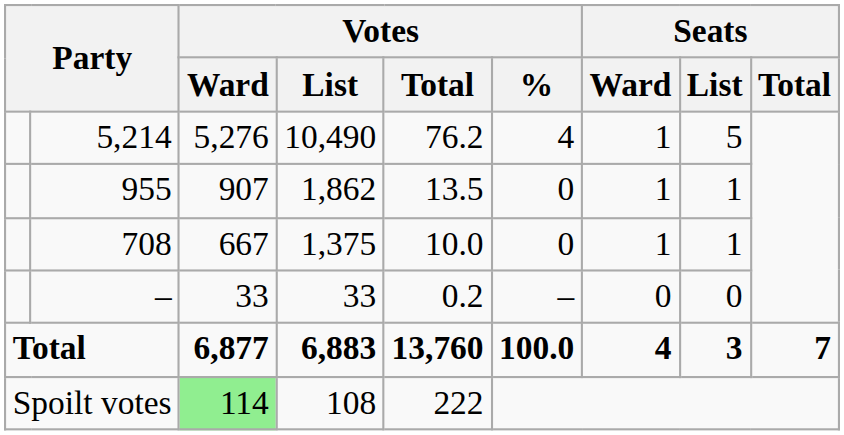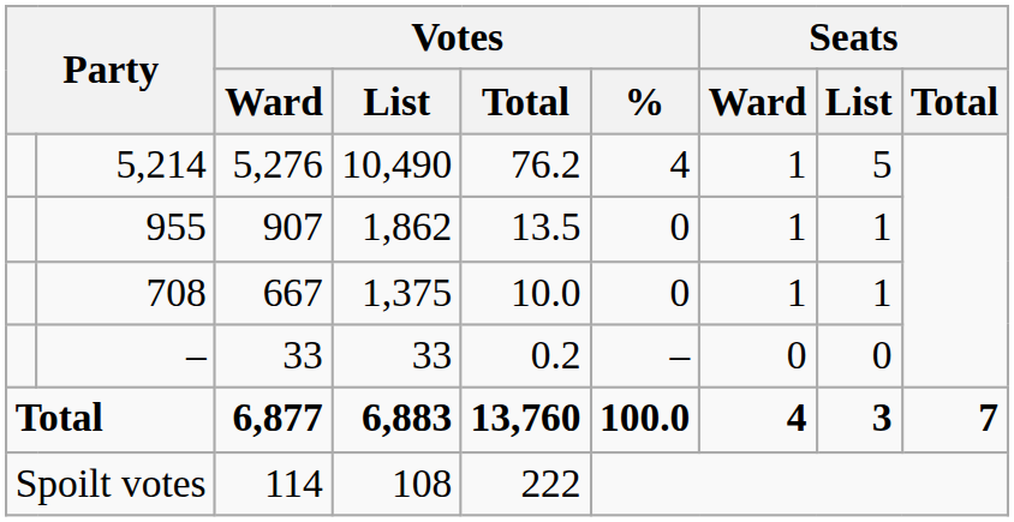 <table class=wikitable style="text-align:right">
 <tr>
 <th rowspan="2" colspan="2">Party</th>
 <th colspan="4" align="center">Votes</th>
 <th colspan="3" align="center">Seats</th>
 </tr>
 <tr>
 <th>Ward</th>
 <th>List</th>
 <th>Total</th>
 <th>%</th>
 <th>Ward</th>
 <th>List</th>
 <th>Total</th>
 </tr>
 <tr>
 <td></td>
 <td>5,214</td>
 <td>5,276</td>
 <td>10,490</td>
 <td>76.2</td>
 <td>4</td>
 <td>1</td>
 <td>5</td>
 </tr>
 <tr>
 <td></td>
 <td>955</td>
 <td>907</td>
 <td>1,862</td>
 <td>13.5</td>
 <td>0</td>
 <td>1</td>
 <td>1</td>
 </tr>
 <tr>
 <td></td>
 <td>708</td>
 <td>667</td>
 <td>1,375</td>
 <td>10.0</td>
 <td>0</td>
 <td>1</td>
 <td>1</td>
 </tr>
 <tr>
 <td></td>
 <td>–</td>
 <td>33</td>
 <td>33</td>
 <td>0.2</td>
 <td>–</td>
 <td>0</td>
 <td>0</td>
 </tr>
 <tr>
 <td colspan="2" style="text-align:left"><strong>Total</strong></td>
 <td><strong>6,877</strong></td>
 <td><strong>6,883</strong></td>
 <td><strong>13,760</strong></td>
 <td><strong>100.0</strong></td>
 <td><strong>4</strong></td>
 <td><strong>3</strong></td>
 <td><strong>7</strong></td>
 </tr>
 <tr>
 <td colspan="2" style="text-align:left">Spoilt votes</td>
-<td style="background: lightgreen;">114</td>
+<td>114</td>
 <td>108</td>
 <td>222</td>
 </tr>
 </table>
